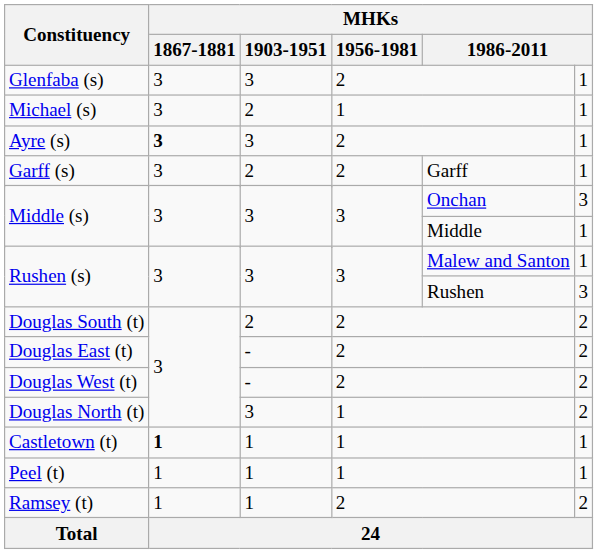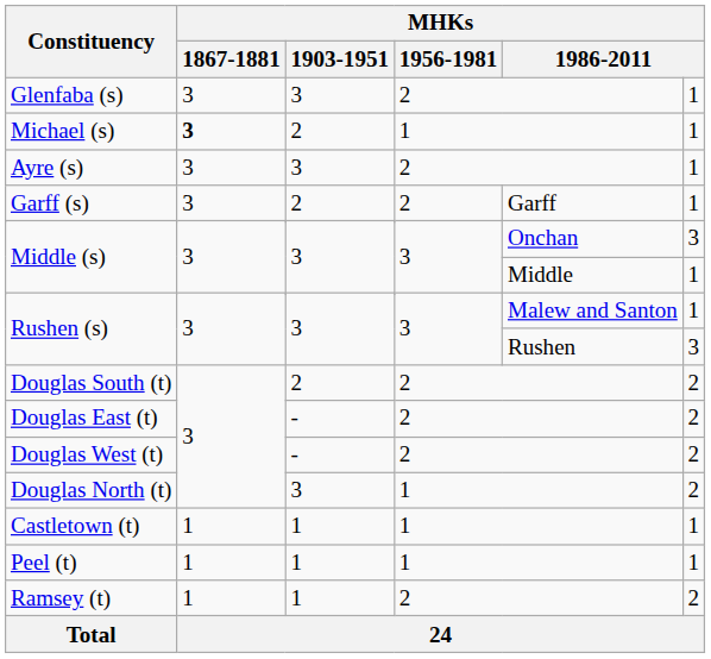 <table class="wikitable">
 <tr>
 <th rowspan="2">Constituency</th>
 <th colspan="5">MHKs</th>
 </tr>
 <tr>
 <th>1867-1881</th>
 <th>1903-1951</th>
 <th>1956-1981</th>
 <th colspan="2">1986-2011</th>
 </tr>
 <tr>
 <td><a href='#'>Glenfaba</a> (s)</td>
 <td>3</td>
 <td>3</td>
 <td colspan="2">2</td>
 <td>1</td>
 </tr>
 <tr>
 <td><a href='#'>Michael</a> (s)</td>
-<td>3</td>
+<td><strong>3</strong></td>
 <td>2</td>
 <td colspan="2">1</td>
 <td>1</td>
 </tr>
 <tr>
 <td><a href='#'>Ayre</a> (s)</td>
-<td><strong>3</strong></td>
+<td>3</td>
 <td>3</td>
 <td colspan="2">2</td>
 <td>1</td>
 </tr>
 <tr>
 <td rowspan="2"><a href='#'>Garff</a> (s)</td>
 <td rowspan="2">3</td>
 <td rowspan="2">2</td>
 <td rowspan="2">2</td>
 <td>Garff</td>
 <td>1</td>
 </tr>
 <tr>
 <td rowspan="2"><a href='#'>Onchan</a></td>
 <td rowspan="2">3</td>
 </tr>
 <tr>
 <td rowspan="3"><a href='#'>Middle</a> (s)</td>
 <td rowspan="3">3</td>
 <td rowspan="3">3</td>
 <td rowspan="3">3</td>
 </tr>
 <tr>
 <td>Middle</td>
 <td>1</td>
 </tr>
 <tr>
 <td rowspan="2"><a href='#'>Malew and Santon</a></td>
 <td rowspan="2">1</td>
 </tr>
 <tr>
 <td rowspan="2"><a href='#'>Rushen</a> (s)</td>
 <td rowspan="2">3</td>
 <td rowspan="2">3</td>
 <td rowspan="2">3</td>
 </tr>
 <tr>
 <td>Rushen</td>
 <td>3</td>
 </tr>
 <tr>
 <td><a href='#'>Douglas South</a> (t)</td>
 <td rowspan="4">3</td>
 <td>2</td>
 <td colspan="2">2</td>
 <td>2</td>
 </tr>
 <tr>
 <td><a href='#'>Douglas East</a> (t)</td>
 <td>-</td>
 <td colspan="2">2</td>
 <td>2</td>
 </tr>
 <tr>
 <td><a href='#'>Douglas West</a> (t)</td>
 <td>-</td>
 <td colspan="2">2</td>
 <td>2</td>
 </tr>
 <tr>
 <td><a href='#'>Douglas North</a> (t)</td>
 <td>3</td>
 <td colspan="2">1</td>
 <td>2</td>
 </tr>
 <tr>
 <td><a href='#'>Castletown</a> (t)</td>
-<td><strong>1</strong></td>
+<td>1</td>
 <td>1</td>
 <td colspan="2">1</td>
 <td>1</td>
 </tr>
 <tr>
 <td><a href='#'>Peel</a> (t)</td>
 <td>1</td>
 <td>1</td>
 <td colspan="2">1</td>
 <td>1</td>
 </tr>
 <tr>
 <td><a href='#'>Ramsey</a> (t)</td>
 <td>1</td>
 <td>1</td>
 <td colspan="2">2</td>
 <td>2</td>
 </tr>
 <tr>
 <th>Total</th>
 <th colspan="5">24</th>
 </tr>
 </table>
